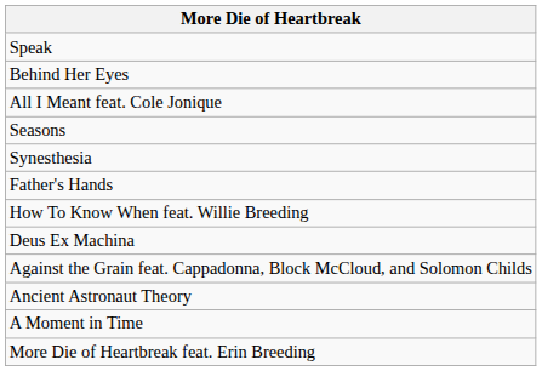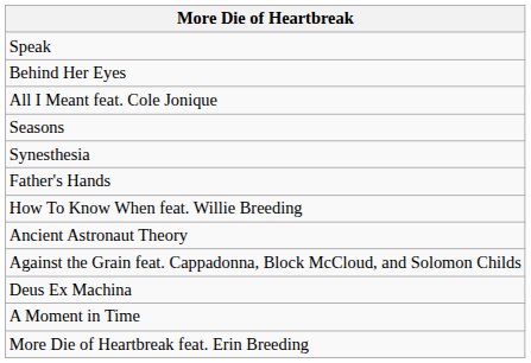 <table class="wikitable">
 <tr>
 <th>More Die of Heartbreak</th>
 </tr>
 <tr>
 <td>Speak</td>
 </tr>
 <tr>
 <td>Behind Her Eyes</td>
 </tr>
 <tr>
 <td>All I Meant feat. Cole Jonique</td>
 </tr>
 <tr>
 <td>Seasons</td>
 </tr>
 <tr>
 <td>Synesthesia</td>
 </tr>
 <tr>
 <td>Father's Hands</td>
 </tr>
 <tr>
 <td>How To Know When feat. Willie Breeding</td>
 </tr>
 <tr>
-<td>Deus Ex Machina</td>
+<td>Ancient Astronaut Theory</td>
 </tr>
 <tr>
 <td>Against the Grain feat. Cappadonna, Block McCloud, and Solomon Childs</td>
 </tr>
 <tr>
-<td>Ancient Astronaut Theory</td>
+<td>Deus Ex Machina</td>
 </tr>
 <tr>
 <td>A Moment in Time</td>
 </tr>
 <tr>
 <td>More Die of Heartbreak feat. Erin Breeding</td>
 </tr>
 </table>
